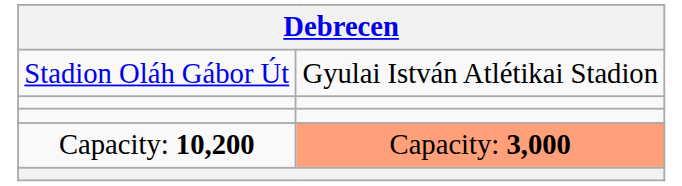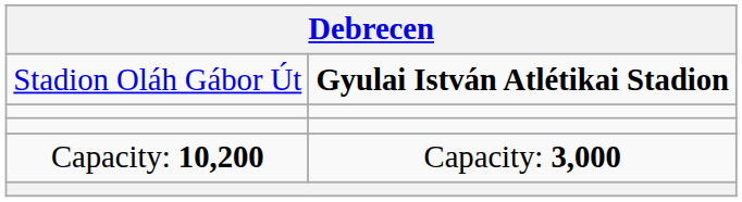 <table class=wikitable style="text-align:center; margin:1em auto;">
 <tr>
 <th colspan=2><a href='#'>Debrecen</a></th>
 </tr>
 <tr>
 <td><a href='#'>Stadion Oláh Gábor Út</a></td>
-<td>Gyulai István Atlétikai Stadion</td>
+<td><strong>Gyulai István Atlétikai Stadion</strong></td>
 </tr>
 <tr>
 <td></td>
 <td></td>
 </tr>
 <tr>
 <td><small></small></td>
 <td><small></small></td>
 </tr>
 <tr>
 <td>Capacity: <strong>10,200</strong></td>
-<td style="background: lightsalmon;">Capacity: <strong>3,000</strong></td>
+<td>Capacity: <strong>3,000</strong></td>
 </tr>
 <tr>
 <th rowspan=15 colspan=3></th>
 </tr>
 </table>
